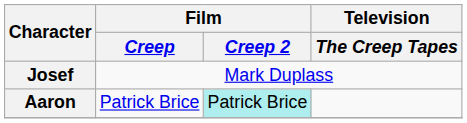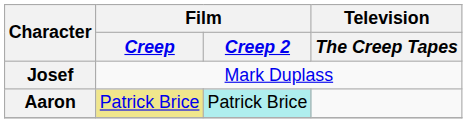 <table class="wikitable" style="text-align:center;">
 <tr>
 <th rowspan="2">Character</th>
 <th colspan="2" align="center">Film</th>
 <th style="text-align: center;">Television</th>
 </tr>
 <tr>
 <th style="text-align: center;"><em><a href='#'>Creep</a></em></th>
 <th style="text-align: center;"><em><a href='#'>Creep 2</a></em></th>
 <th style="text-align: center;"><em>The Creep Tapes</em></th>
 </tr>
 <tr>
 <th>Josef<br></th>
 <td colspan="3"><a href='#'>Mark Duplass</a></td>
 </tr>
 <tr>
 <th>Aaron</th>
-<td><a href='#'>Patrick Brice</a></td>
+<td style="background: khaki;"><a href='#'>Patrick Brice</a></td>
 <td style="background: paleturquoise;">Patrick Brice</td>
 <td></td>
 </tr>
 <tr>
 </tr>
 </table>
